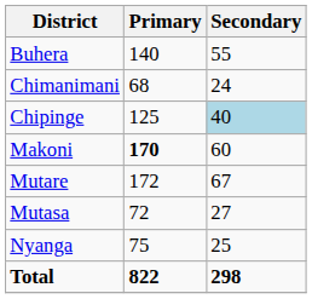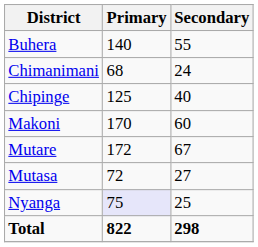 <table class="wikitable">
 <tr>
 <th>District</th>
 <th>Primary</th>
 <th>Secondary</th>
 </tr>
 <tr>
 <td><a href='#'>Buhera</a></td>
 <td>140</td>
 <td>55</td>
 </tr>
 <tr>
 <td><a href='#'>Chimanimani</a></td>
 <td>68</td>
 <td>24</td>
 </tr>
 <tr>
 <td><a href='#'>Chipinge</a></td>
 <td>125</td>
-<td style="background: lightblue;">40</td>
+<td>40</td>
 </tr>
 <tr>
 <td><a href='#'>Makoni</a></td>
-<td><strong>170</strong></td>
+<td>170</td>
 <td>60</td>
 </tr>
 <tr>
 <td><a href='#'>Mutare</a></td>
 <td>172</td>
 <td>67</td>
 </tr>
 <tr>
 <td><a href='#'>Mutasa</a></td>
 <td>72</td>
 <td>27</td>
 </tr>
 <tr>
 <td><a href='#'>Nyanga</a></td>
-<td>75</td>
+<td style="background: lavender;">75</td>
 <td>25</td>
 </tr>
 <tr>
 <td><strong>Total</strong></td>
 <td><strong>822</strong></td>
 <td><strong>298</strong></td>
 </tr>
 <tr>
 </tr>
 </table>
